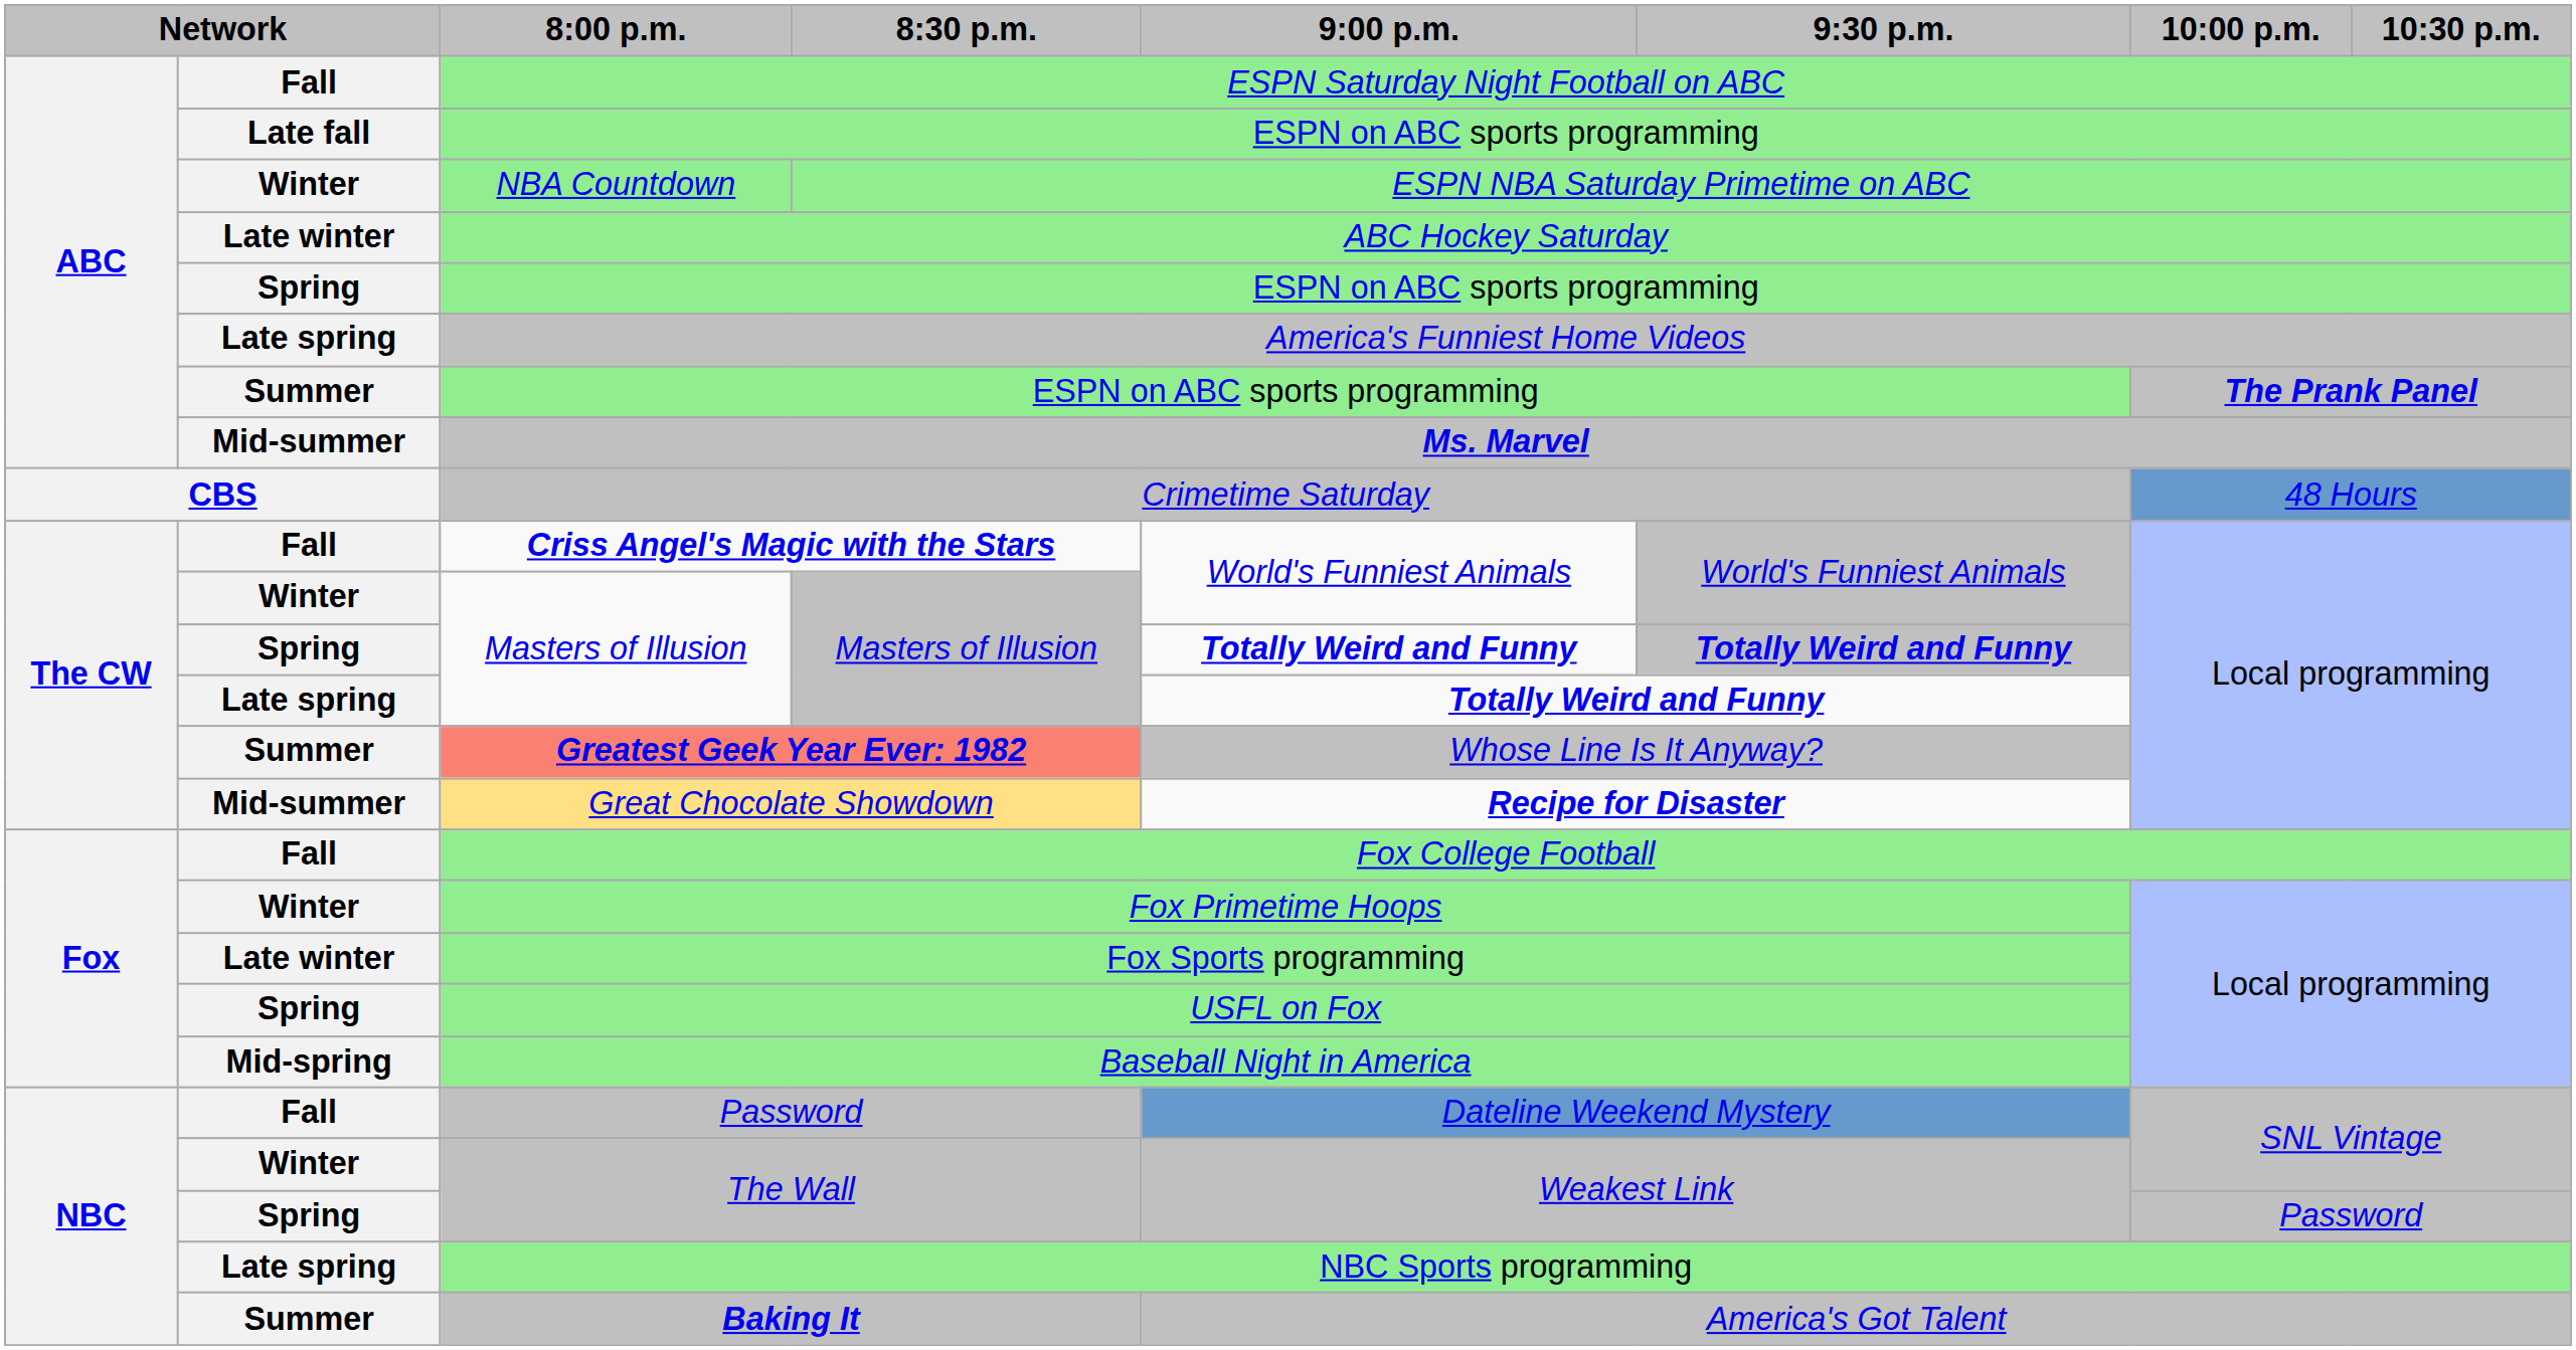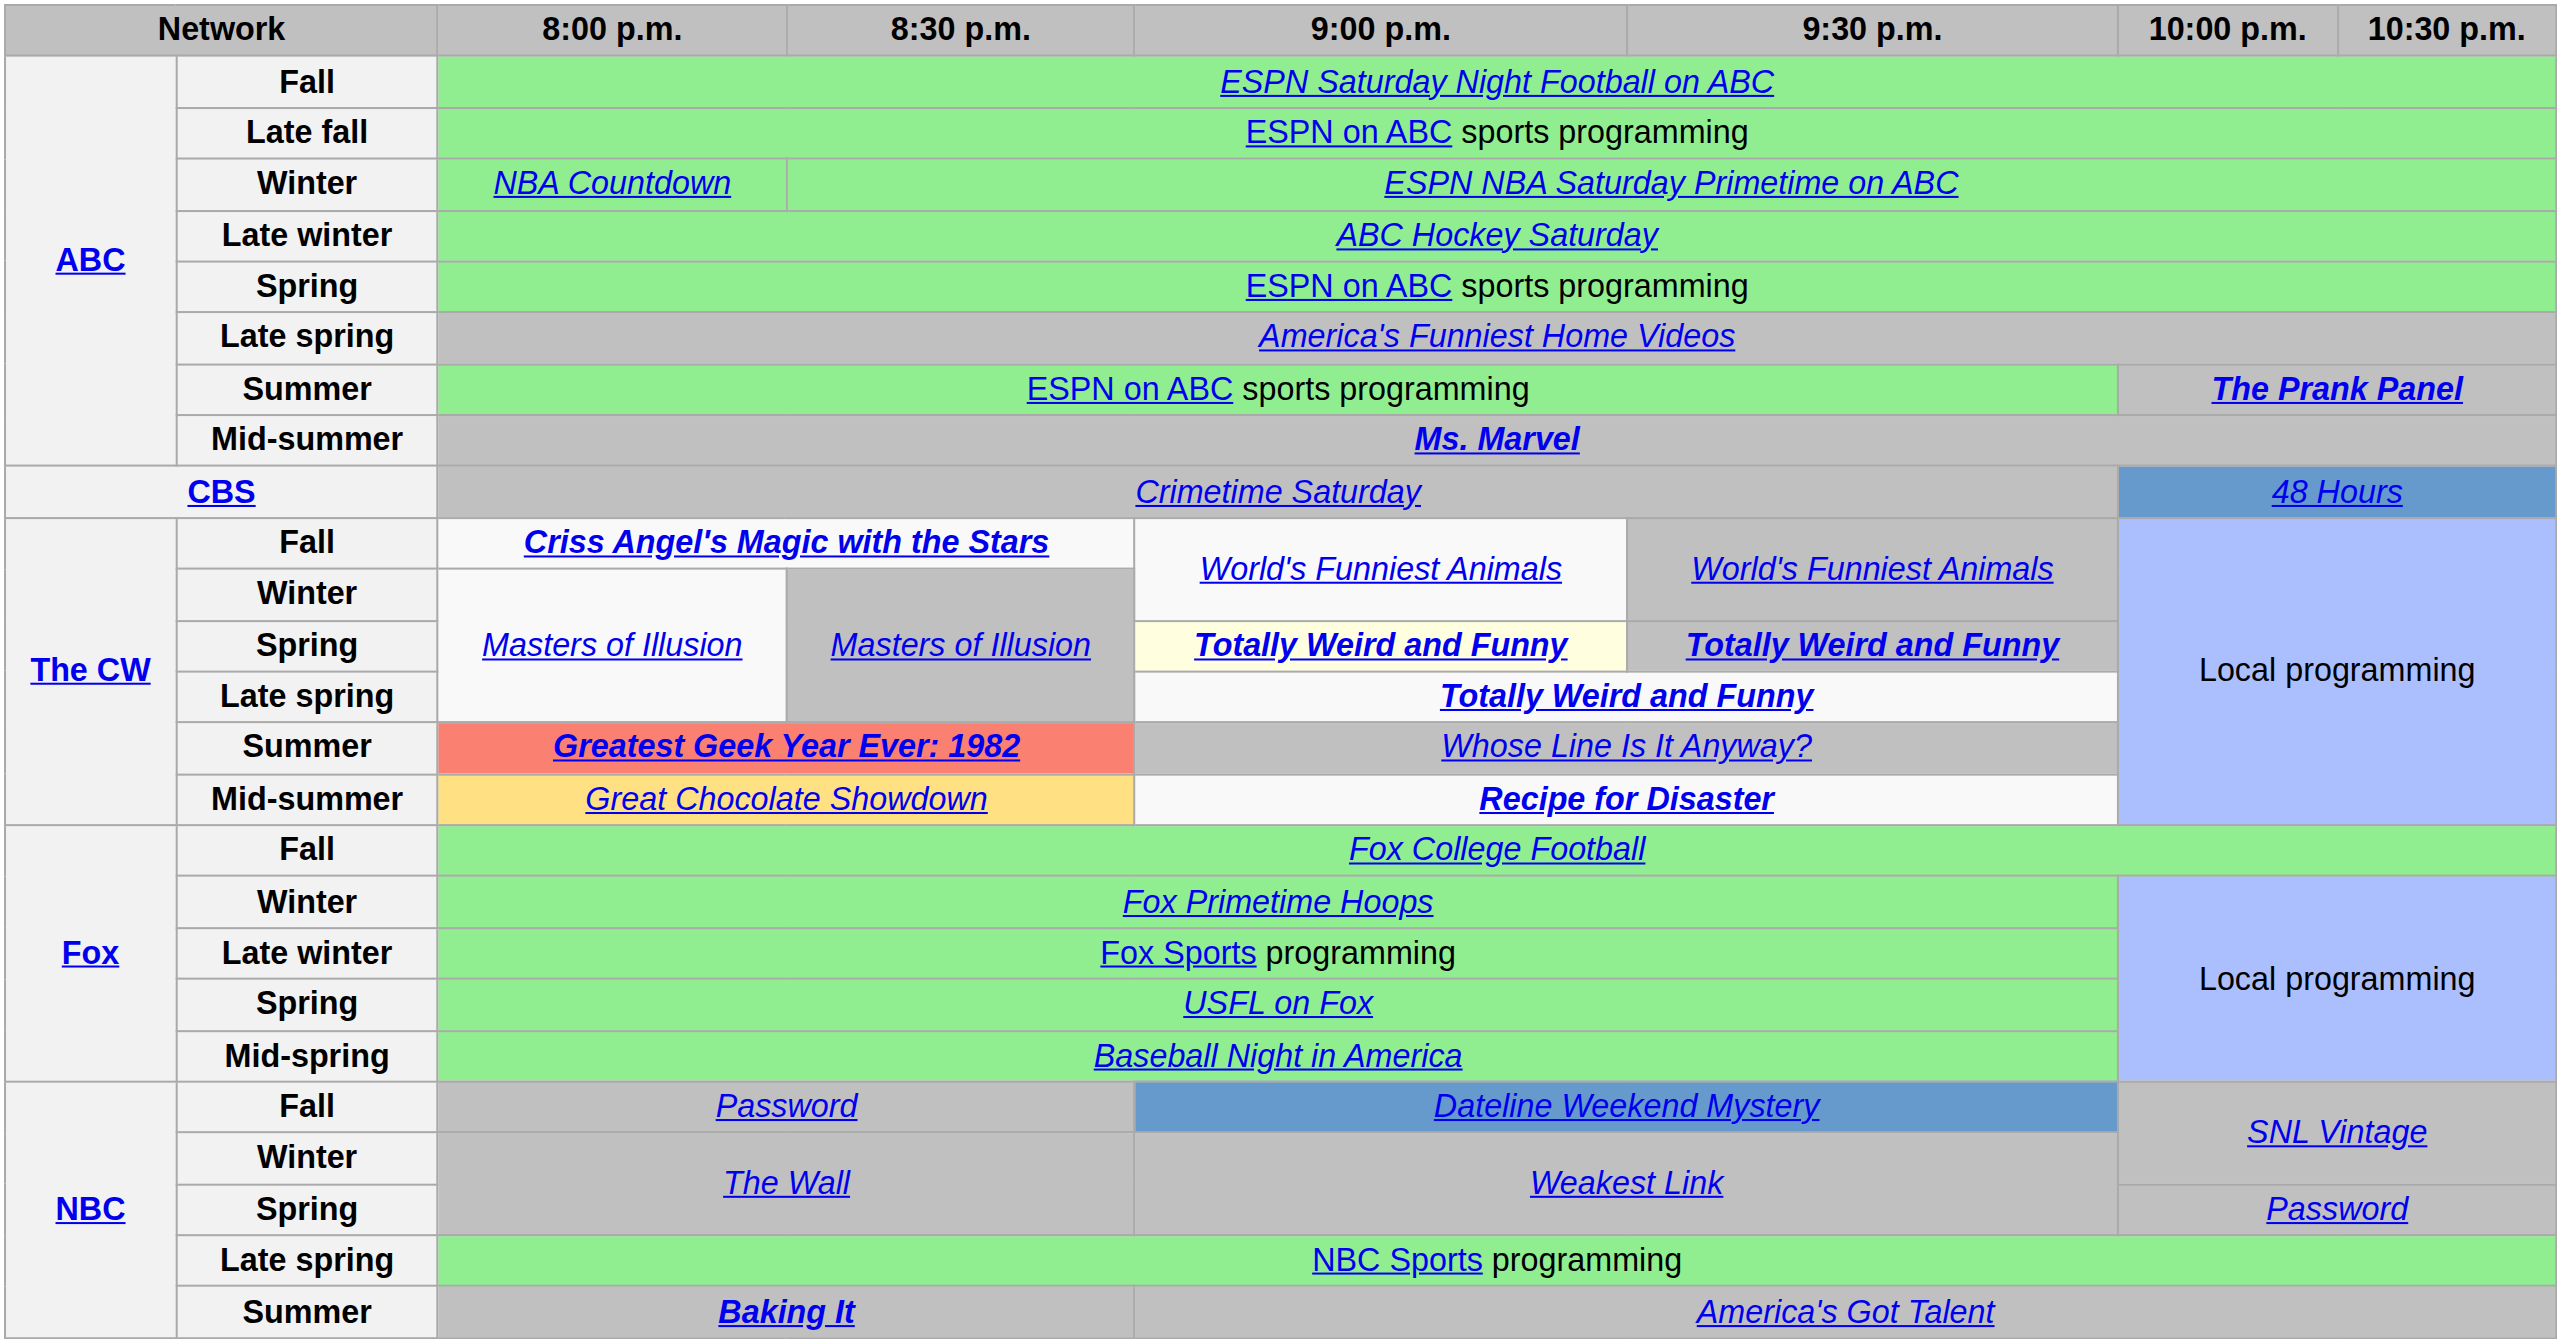 <table class="wikitable" style="width:100%;margin-right:0;text-align:center">
 <tr>
 <th colspan="2" style="background-color:#C0C0C0;text-align:center">Network</th>
 <th style="background-color:#C0C0C0;text-align:center">8:00 p.m.</th>
 <th style="background-color:#C0C0C0;text-align:center">8:30 p.m.</th>
 <th style="background-color:#C0C0C0;text-align:center">9:00 p.m.</th>
 <th style="background-color:#C0C0C0;text-align:center">9:30 p.m.</th>
 <th style="background-color:#C0C0C0;text-align:center">10:00 p.m.</th>
 <th style="background-color:#C0C0C0;text-align:center">10:30 p.m.</th>
 </tr>
 <tr>
 <th rowspan="8"><a href='#'>ABC</a></th>
 <th>Fall</th>
 <td colspan="6" style="background:lightgreen"><em><a href='#'>ESPN Saturday Night Football on ABC</a></em> </td>
 </tr>
 <tr>
 <th>Late fall</th>
 <td colspan="6" style="background:lightgreen"><a href='#'>ESPN on ABC</a> sports programming</td>
 </tr>
 <tr>
 <th>Winter</th>
 <td style="background:lightgreen"><em><a href='#'>NBA Countdown</a></em></td>
 <td colspan="5" style="background:lightgreen"><em><a href='#'>ESPN NBA Saturday Primetime on ABC</a></em></td>
 </tr>
 <tr>
 <th>Late winter</th>
 <td colspan="6" style="background:lightgreen"><em><a href='#'>ABC Hockey Saturday</a></em></td>
 </tr>
 <tr>
 <th>Spring</th>
 <td colspan="6" style="background:lightgreen"><a href='#'>ESPN on ABC</a> sports programming</td>
 </tr>
 <tr>
 <th>Late spring</th>
 <td colspan="6" style="background:#C0C0C0;"><em><a href='#'>America's Funniest Home Videos</a></em> </td>
 </tr>
 <tr>
 <th>Summer</th>
 <td colspan="4" style="background:lightgreen"><a href='#'>ESPN on ABC</a> sports programming</td>
 <td colspan="2" style="background:#C0C0C0;"><strong><em><a href='#'>The Prank Panel</a></em></strong> </td>
 </tr>
 <tr>
 <th>Mid-summer</th>
 <td colspan="6" style="background:#C0C0C0;"><strong><em><a href='#'>Ms. Marvel</a></em></strong> </td>
 </tr>
 <tr>
 <th colspan="2"><a href='#'>CBS</a></th>
 <td colspan="4" style="background:#C0C0C0;"><em><a href='#'>Crimetime Saturday</a></em></td>
 <td colspan="2" style="background:#6699CC;"><em><a href='#'>48 Hours</a></em></td>
 </tr>
 <tr>
 <th rowspan="6"><a href='#'>The CW</a></th>
 <th>Fall</th>
 <td colspan="2"><strong><em><a href='#'>Criss Angel's Magic with the Stars</a></em></strong></td>
 <td rowspan="2"><em><a href='#'>World's Funniest Animals</a></em></td>
 <td rowspan="2" style="background:#C0C0C0;"><em><a href='#'>World's Funniest Animals</a></em> </td>
 <td rowspan="6" colspan="2" style="background:#abbfff">Local programming</td>
 </tr>
 <tr>
 <th>Winter</th>
 <td rowspan="3"><em><a href='#'>Masters of Illusion</a></em></td>
 <td rowspan="3" style="background:#C0C0C0;"><em><a href='#'>Masters of Illusion</a></em> </td>
 </tr>
 <tr>
 <th>Spring</th>
-<td><strong><em><a href='#'>Totally Weird and Funny</a></em></strong></td>
+<td style="background: lightyellow;"><strong><em><a href='#'>Totally Weird and Funny</a></em></strong></td>
 <td style="background:#C0C0C0;"><strong><em><a href='#'>Totally Weird and Funny</a></em></strong> </td>
 </tr>
 <tr>
 <th>Late spring</th>
 <td colspan="2"><strong><em><a href='#'>Totally Weird and Funny</a></em></strong></td>
 </tr>
 <tr>
 <th>Summer</th>
 <td colspan="2" style="background:#FA8072;"><strong><em><a href='#'>Greatest Geek Year Ever: 1982</a></em></strong></td>
 <td colspan="2" style="background:#C0C0C0;"><em><a href='#'>Whose Line Is It Anyway?</a></em> </td>
 </tr>
 <tr>
 <th>Mid-summer</th>
 <td colspan="2" style="background:#FFE082"><em><a href='#'>Great Chocolate Showdown</a></em></td>
 <td colspan="2"><strong><em><a href='#'>Recipe for Disaster</a></em></strong></td>
 </tr>
 <tr>
 <th rowspan="5"><a href='#'>Fox</a></th>
 <th>Fall</th>
 <td colspan="6" style="background:lightgreen"><em><a href='#'>Fox College Football</a></em> </td>
 </tr>
 <tr>
 <th>Winter</th>
 <td colspan="4" style="background:lightgreen"><em><a href='#'>Fox Primetime Hoops</a></em></td>
 <td rowspan="4" colspan="2" style="background:#abbfff">Local programming</td>
 </tr>
 <tr>
 <th>Late winter</th>
 <td colspan="4" style="background:lightgreen"><a href='#'>Fox Sports</a> programming</td>
 </tr>
 <tr>
 <th>Spring</th>
 <td colspan="4" style="background:lightgreen"><em><a href='#'>USFL on Fox</a></em></td>
 </tr>
 <tr>
 <th>Mid-spring</th>
 <td colspan="4" style="background:lightgreen"><em><a href='#'>Baseball Night in America</a></em> </td>
 </tr>
 <tr>
 <th rowspan="5"><a href='#'>NBC</a></th>
 <th>Fall</th>
 <td colspan="2" style="background:#C0C0C0;"><em><a href='#'>Password</a></em> </td>
 <td colspan="2" style="background:#6699CC;"><em><a href='#'>Dateline Weekend Mystery</a></em></td>
 <td rowspan="2" colspan="2" style="background:#C0C0C0;"><em><a href='#'>SNL Vintage</a></em></td>
 </tr>
 <tr>
 <th>Winter</th>
 <td rowspan="2" colspan="2" style="background:#C0C0C0;"><em><a href='#'>The Wall</a></em> </td>
 <td rowspan="2" colspan="2" style="background:#C0C0C0;"><em><a href='#'>Weakest Link</a></em> </td>
 </tr>
 <tr>
 <th>Spring</th>
 <td colspan="2" style="background:#C0C0C0;"><em><a href='#'>Password</a></em> </td>
 </tr>
 <tr>
 <th>Late spring</th>
 <td colspan="6" style="background:lightgreen"><a href='#'>NBC Sports</a> programming</td>
 </tr>
 <tr>
 <th>Summer</th>
 <td colspan="2" style="background:#C0C0C0;"><strong><em><a href='#'>Baking It</a></em></strong> </td>
 <td colspan="4" style="background:#C0C0C0;"><em><a href='#'>America's Got Talent</a></em> </td>
 </tr>
 </table>
